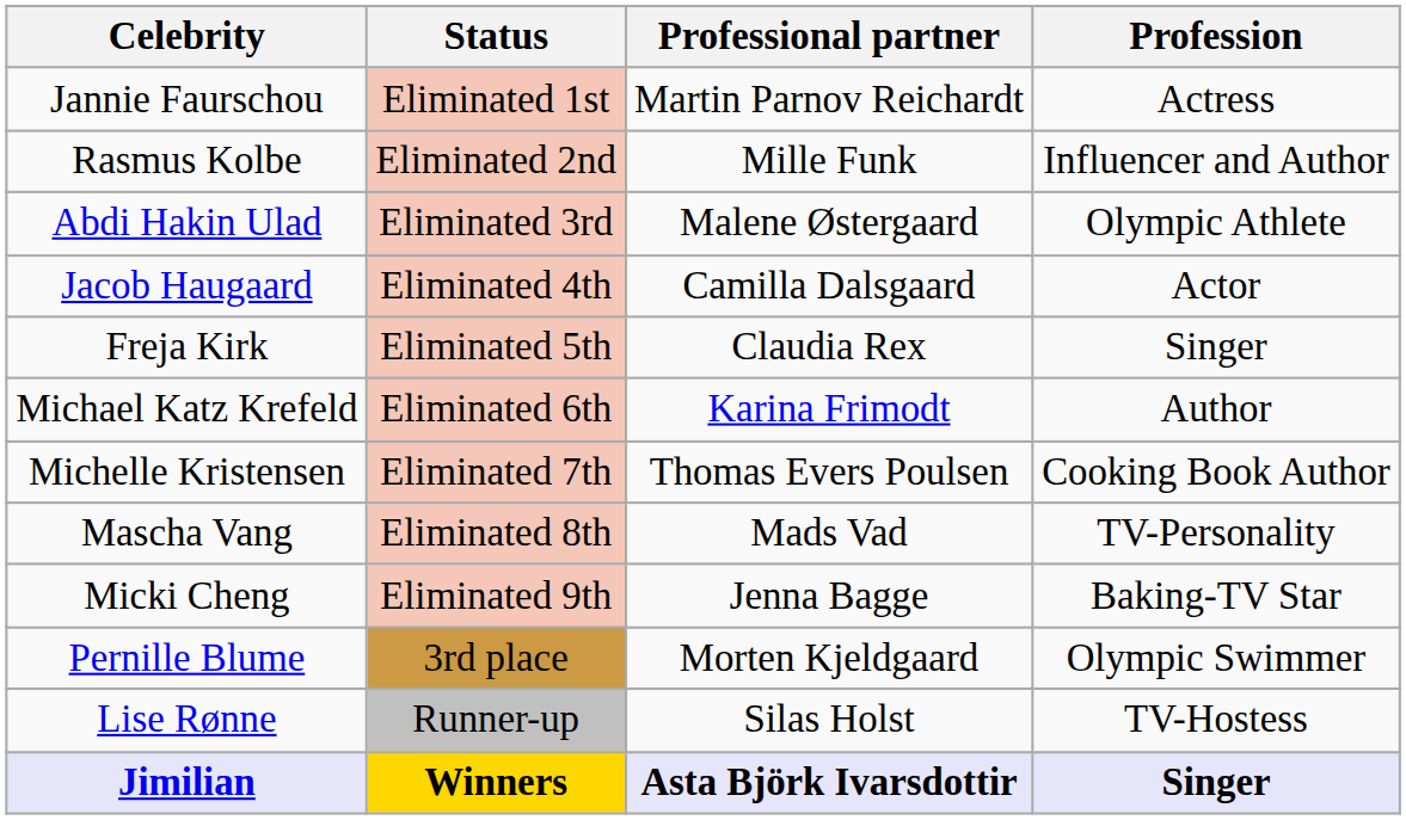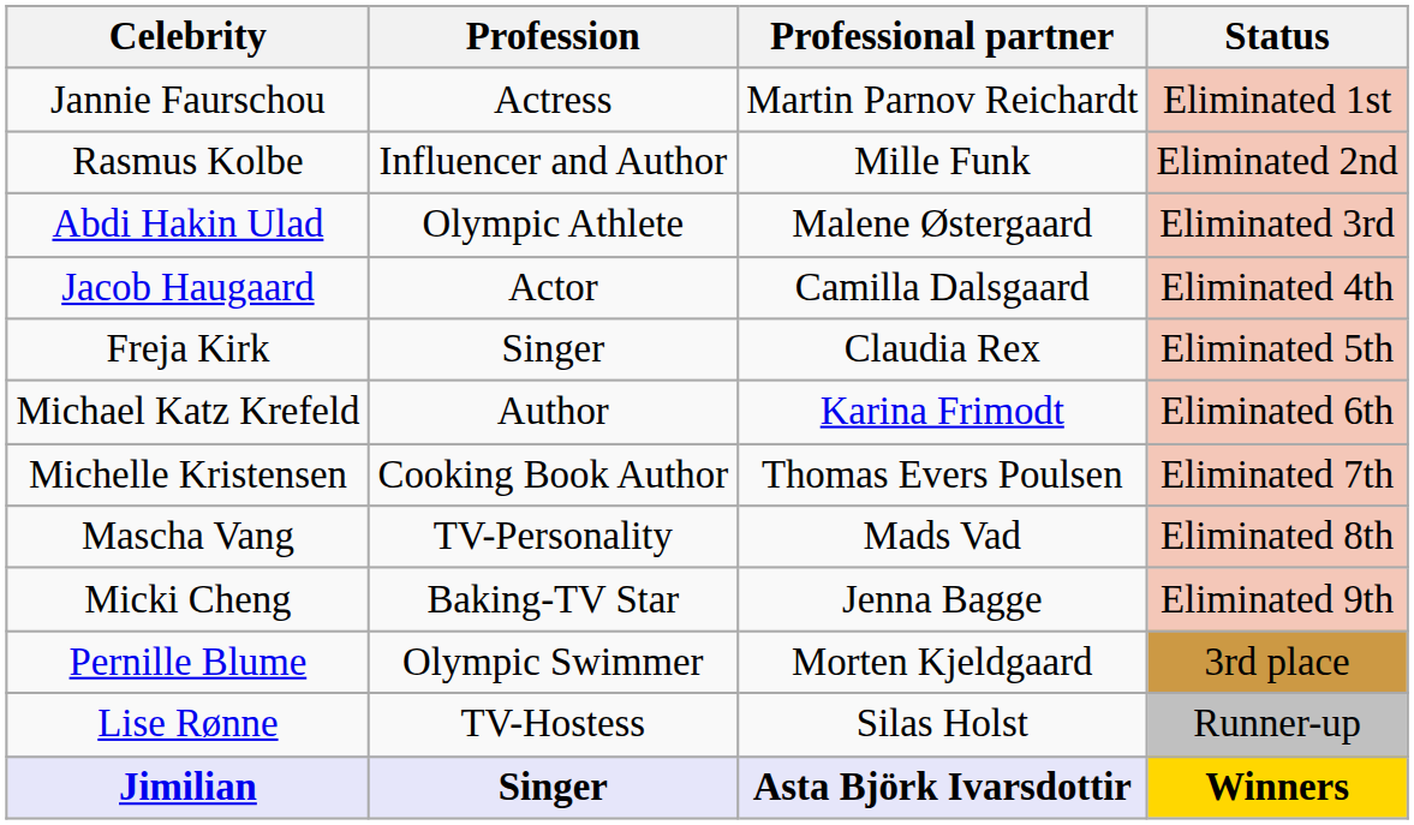 <table class= "wikitable sortable" style="text-align: center; margin:auto; align: center">
 <tr>
 <th>Celebrity</th>
+<th>Profession</th>
+<th>Professional partner</th>
 <th>Status</th>
-<th>Professional partner</th>
-<th>Profession</th>
 </tr>
 <tr>
 <td>Jannie Faurschou</td>
+<td>Actress</td>
+<td>Martin Parnov Reichardt</td>
 <td style="background:#f4c7b8;">Eliminated 1st</td>
-<td>Martin Parnov Reichardt</td>
-<td>Actress</td>
 </tr>
 <tr>
 <td>Rasmus Kolbe</td>
+<td>Influencer and Author</td>
+<td>Mille Funk</td>
 <td style="background:#f4c7b8;">Eliminated 2nd</td>
-<td>Mille Funk</td>
-<td>Influencer and Author</td>
 </tr>
 <tr>
 <td><a href='#'>Abdi Hakin Ulad</a></td>
+<td>Olympic Athlete</td>
+<td>Malene Østergaard</td>
 <td style="background:#f4c7b8;">Eliminated 3rd</td>
-<td>Malene Østergaard</td>
-<td>Olympic Athlete</td>
 </tr>
 <tr>
 <td><a href='#'>Jacob Haugaard</a></td>
+<td>Actor</td>
+<td>Camilla Dalsgaard</td>
 <td style="background:#f4c7b8;">Eliminated 4th</td>
-<td>Camilla Dalsgaard</td>
-<td>Actor</td>
 </tr>
 <tr>
 <td>Freja Kirk</td>
+<td>Singer</td>
+<td>Claudia Rex</td>
 <td style="background:#f4c7b8;">Eliminated 5th</td>
-<td>Claudia Rex</td>
-<td>Singer</td>
 </tr>
 <tr>
 <td>Michael Katz Krefeld</td>
+<td>Author</td>
+<td><a href='#'>Karina Frimodt</a></td>
 <td style="background:#f4c7b8;">Eliminated 6th</td>
-<td><a href='#'>Karina Frimodt</a></td>
-<td>Author</td>
 </tr>
 <tr>
 <td>Michelle Kristensen</td>
+<td>Cooking Book Author</td>
+<td>Thomas Evers Poulsen</td>
 <td style="background:#f4c7b8;">Eliminated 7th</td>
-<td>Thomas Evers Poulsen</td>
-<td>Cooking Book Author</td>
 </tr>
 <tr>
 <td>Mascha Vang</td>
+<td>TV-Personality</td>
+<td>Mads Vad</td>
 <td style="background:#f4c7b8;">Eliminated 8th</td>
-<td>Mads Vad</td>
-<td>TV-Personality</td>
 </tr>
 <tr>
 <td>Micki Cheng</td>
+<td>Baking-TV Star</td>
+<td>Jenna Bagge</td>
 <td style="background:#f4c7b8;">Eliminated 9th</td>
-<td>Jenna Bagge</td>
-<td>Baking-TV Star</td>
 </tr>
 <tr>
 <td><a href='#'>Pernille Blume</a></td>
+<td>Olympic Swimmer</td>
+<td>Morten Kjeldgaard</td>
 <td style="background:#c94;">3rd place</td>
-<td>Morten Kjeldgaard</td>
-<td>Olympic Swimmer</td>
 </tr>
 <tr>
 <td><a href='#'>Lise Rønne</a></td>
+<td>TV-Hostess</td>
+<td>Silas Holst</td>
 <td style="background:silver;">Runner-up</td>
-<td>Silas Holst</td>
-<td>TV-Hostess</td>
 </tr>
 <tr>
 <td style="background:lavender;"><strong><a href='#'>Jimilian</a></strong></td>
+<td style="background:lavender;"><strong>Singer</strong></td>
+<td style="background:lavender;"><strong>Asta Björk Ivarsdottir</strong></td>
 <td style="background:gold;"><strong>Winners</strong></td>
-<td style="background:lavender;"><strong>Asta Björk Ivarsdottir</strong></td>
-<td style="background:lavender;"><strong>Singer</strong></td>
 </tr>
 </table>
